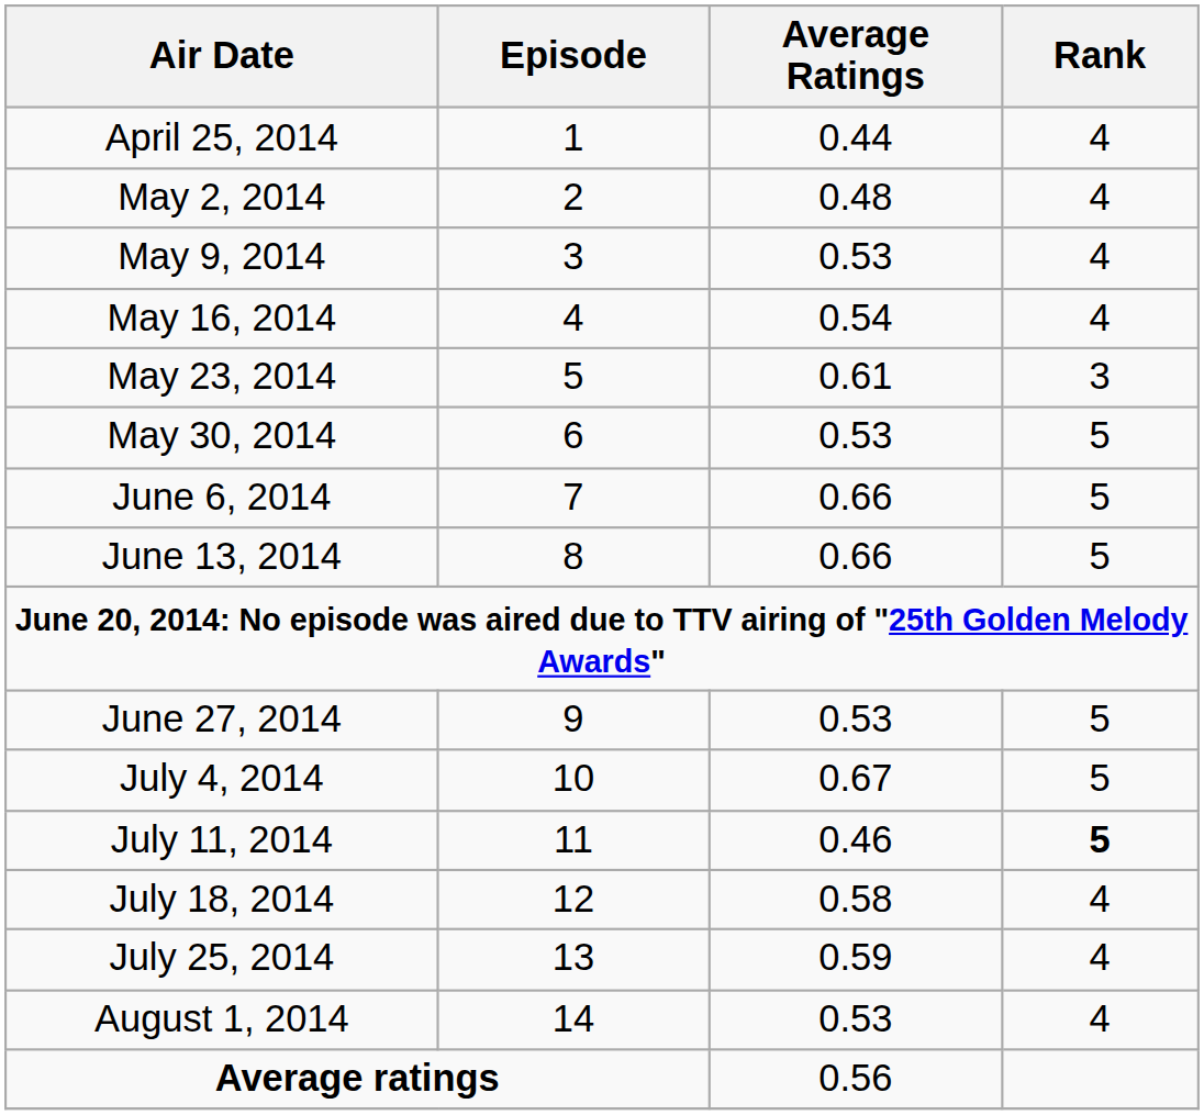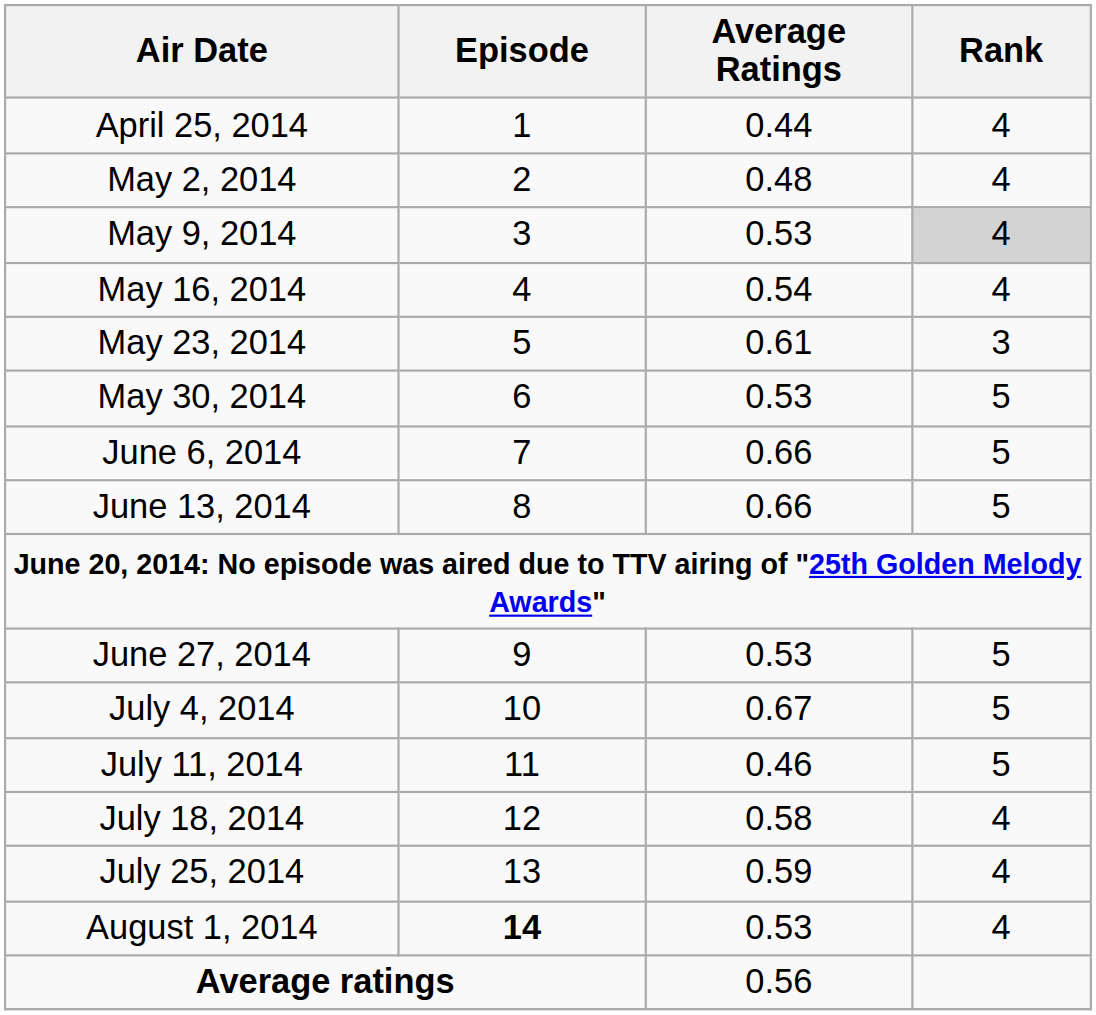 <table class="wikitable" style="text-align:center;width:40%;">
 <tr>
 <th width="13%">Air Date</th>
 <th width="5%">Episode</th>
 <th width="6%">Average Ratings</th>
 <th width="4%">Rank</th>
 </tr>
 <tr>
 <td>April 25, 2014</td>
 <td>1</td>
 <td>0.44</td>
 <td>4</td>
 </tr>
 <tr>
 <td>May 2, 2014</td>
 <td>2</td>
 <td>0.48</td>
 <td>4</td>
 </tr>
 <tr>
 <td>May 9, 2014</td>
 <td>3</td>
 <td>0.53</td>
-<td>4</td>
+<td style="background: lightgrey;">4</td>
 </tr>
 <tr>
 <td>May 16, 2014</td>
 <td>4</td>
 <td>0.54</td>
 <td>4</td>
 </tr>
 <tr>
 <td>May 23, 2014</td>
 <td>5</td>
 <td>0.61</td>
 <td>3</td>
 </tr>
 <tr>
 <td>May 30, 2014</td>
 <td>6</td>
 <td>0.53</td>
 <td>5</td>
 </tr>
 <tr>
 <td>June 6, 2014</td>
 <td>7</td>
 <td>0.66</td>
 <td>5</td>
 </tr>
 <tr>
 <td>June 13, 2014</td>
 <td>8</td>
 <td>0.66</td>
 <td>5</td>
 </tr>
 <tr>
 <td colspan=4><small><strong>June 20, 2014: No episode was aired due to TTV airing of "<a href='#'>25th Golden Melody Awards</a>"</strong></small></td>
 </tr>
 <tr>
 <td>June 27, 2014</td>
 <td>9</td>
 <td>0.53</td>
 <td>5</td>
 </tr>
 <tr>
 <td>July 4, 2014</td>
 <td>10</td>
 <td>0.67</td>
 <td>5</td>
 </tr>
 <tr>
 <td>July 11, 2014</td>
 <td>11</td>
 <td>0.46</td>
-<td><strong>5</strong></td>
+<td>5</td>
 </tr>
 <tr>
 <td>July 18, 2014</td>
 <td>12</td>
 <td>0.58</td>
 <td>4</td>
 </tr>
 <tr>
 <td>July 25, 2014</td>
 <td>13</td>
 <td>0.59</td>
 <td>4</td>
 </tr>
 <tr>
 <td>August 1, 2014</td>
-<td>14</td>
+<td><strong>14</strong></td>
 <td>0.53</td>
 <td>4</td>
 </tr>
 <tr>
 <td colspan=2><strong>Average ratings</strong></td>
 <td>0.56</td>
 <td></td>
 </tr>
 <tr>
 </tr>
 </table>
